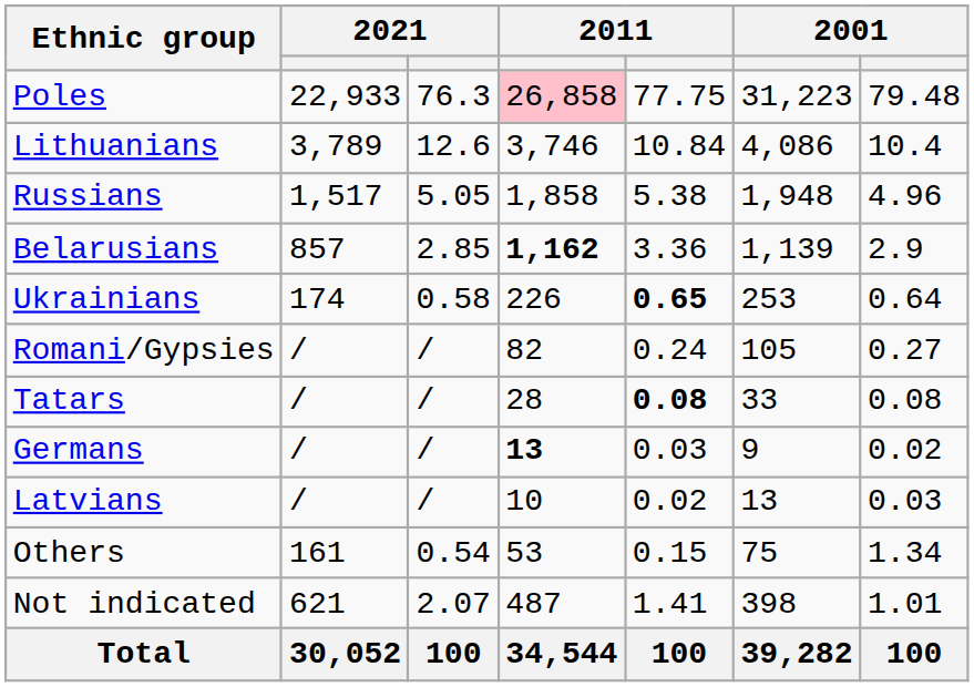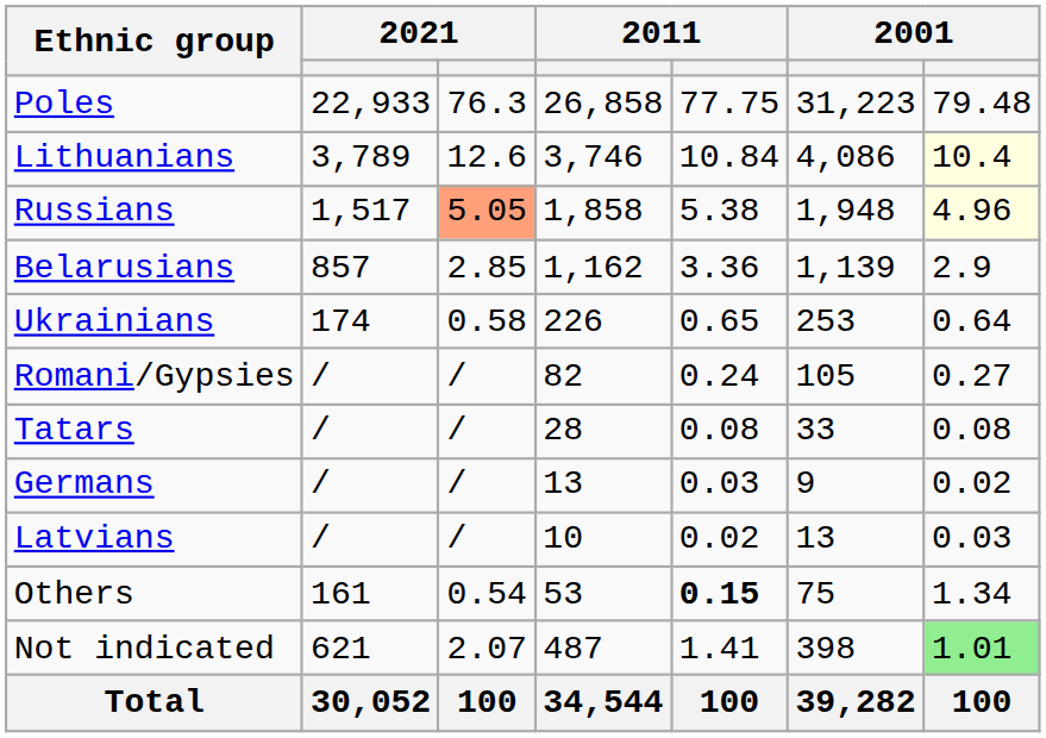 <table class="wikitable sortable">
 <tr>
 <th rowspan="2">Ethnic group</th>
 <th colspan="2">2021</th>
 <th colspan="2">2011</th>
 <th colspan="2">2001</th>
 </tr>
 <tr>
 <th><a href='#'></a></th>
 <th></th>
 <th></th>
 <th></th>
 <th></th>
 <th></th>
 </tr>
 <tr>
 <td><a href='#'>Poles</a></td>
 <td>22,933</td>
 <td>76.3</td>
-<td style="background: pink;">26,858</td>
+<td>26,858</td>
 <td>77.75</td>
 <td>31,223</td>
 <td>79.48</td>
 </tr>
 <tr>
 <td><a href='#'>Lithuanians</a></td>
 <td>3,789</td>
 <td>12.6</td>
 <td>3,746</td>
 <td>10.84</td>
 <td>4,086</td>
-<td>10.4</td>
+<td style="background: lightyellow;">10.4</td>
 </tr>
 <tr>
 <td><a href='#'>Russians</a></td>
 <td>1,517</td>
-<td>5.05</td>
+<td style="background: lightsalmon;">5.05</td>
 <td>1,858</td>
 <td>5.38</td>
 <td>1,948</td>
-<td>4.96</td>
+<td style="background: lightyellow;">4.96</td>
 </tr>
 <tr>
 <td><a href='#'>Belarusians</a></td>
 <td>857</td>
 <td>2.85</td>
-<td><strong>1,162</strong></td>
+<td>1,162</td>
 <td>3.36</td>
 <td>1,139</td>
 <td>2.9</td>
 </tr>
 <tr>
 <td><a href='#'>Ukrainians</a></td>
 <td>174</td>
 <td>0.58</td>
 <td>226</td>
-<td><strong>0.65</strong></td>
+<td>0.65</td>
 <td>253</td>
 <td>0.64</td>
 </tr>
 <tr>
 <td><a href='#'>Romani</a>/Gypsies</td>
 <td>/</td>
 <td>/</td>
 <td>82</td>
 <td>0.24</td>
 <td>105</td>
 <td>0.27</td>
 </tr>
 <tr>
 <td><a href='#'>Tatars</a></td>
 <td>/</td>
 <td>/</td>
 <td>28</td>
-<td><strong>0.08</strong></td>
+<td>0.08</td>
 <td>33</td>
 <td>0.08</td>
 </tr>
 <tr>
 <td><a href='#'>Germans</a></td>
 <td>/</td>
 <td>/</td>
-<td><strong>13</strong></td>
+<td>13</td>
 <td>0.03</td>
 <td>9</td>
 <td>0.02</td>
 </tr>
 <tr>
 <td><a href='#'>Latvians</a></td>
 <td>/</td>
 <td>/</td>
 <td>10</td>
 <td>0.02</td>
 <td>13</td>
 <td>0.03</td>
 </tr>
 <tr>
 <td>Others</td>
 <td>161</td>
 <td>0.54</td>
 <td>53</td>
-<td>0.15</td>
+<td><strong>0.15</strong></td>
 <td>75</td>
 <td>1.34</td>
 </tr>
 <tr>
 <td>Not indicated</td>
 <td>621</td>
 <td>2.07</td>
 <td>487</td>
 <td>1.41</td>
 <td>398</td>
-<td>1.01</td>
+<td style="background: lightgreen;">1.01</td>
 </tr>
 <tr>
 <th>Total</th>
 <th>30,052</th>
 <th>100</th>
 <th>34,544</th>
 <th>100</th>
 <th>39,282</th>
 <th>100</th>
 </tr>
 </table>
